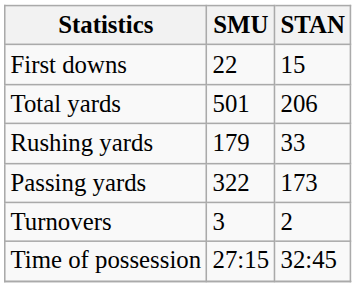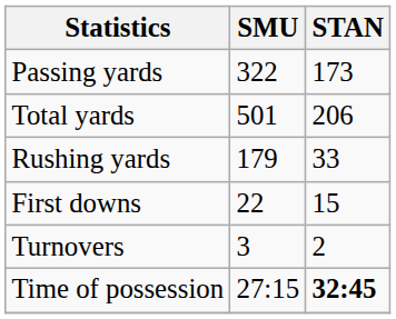 <table class="wikitable" style="float: left;">
 <tr>
 <th>Statistics</th>
 <th>SMU</th>
 <th>STAN</th>
 </tr>
 <tr>
-<td>First downs</td>
-<td>22</td>
-<td>15</td>
+<td>Passing yards</td>
+<td>322</td>
+<td>173</td>
 </tr>
 <tr>
 <td>Total yards</td>
 <td>501</td>
 <td>206</td>
 </tr>
 <tr>
 <td>Rushing yards</td>
 <td>179</td>
 <td>33</td>
 </tr>
 <tr>
-<td>Passing yards</td>
-<td>322</td>
-<td>173</td>
+<td>First downs</td>
+<td>22</td>
+<td>15</td>
 </tr>
 <tr>
 <td>Turnovers</td>
 <td>3</td>
 <td>2</td>
 </tr>
 <tr>
 <td>Time of possession</td>
 <td>27:15</td>
-<td>32:45</td>
+<td><strong>32:45</strong></td>
 </tr>
 <tr>
 </tr>
 </table>
